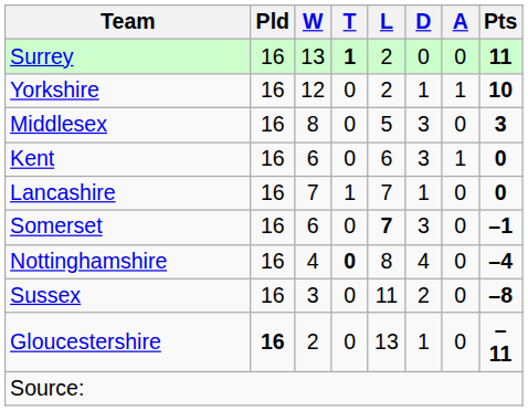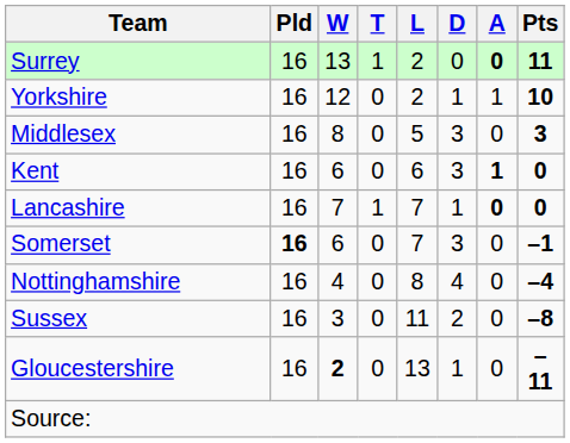 <table class="wikitable" style="text-align:center;">
 <tr>
 <th width=175>Team</th>
 <th width=20 abbr="Played">Pld</th>
 <th width=20 abbr="Won"><a href='#'>W</a></th>
 <th width=20 abbr="Tied"><a href='#'>T</a></th>
 <th width=20 abbr="Lost"><a href='#'>L</a></th>
 <th width=20 abbr="Drawn"><a href='#'>D</a></th>
 <th width=20 abbr="Abandoned"><a href='#'>A</a></th>
 <th width=20 abbr="Points">Pts</th>
 </tr>
 <tr style="background:#ccffcc;">
 <td style="text-align:left;"><a href='#'>Surrey</a></td>
 <td>16</td>
 <td>13</td>
-<td><strong>1</strong></td>
+<td>1</td>
 <td>2</td>
 <td>0</td>
-<td>0</td>
+<td><strong>0</strong></td>
 <td><strong>11</strong></td>
 </tr>
 <tr style="background:#f9f9f9;">
 <td style="text-align:left;"><a href='#'>Yorkshire</a></td>
 <td>16</td>
 <td>12</td>
 <td>0</td>
 <td>2</td>
 <td>1</td>
 <td>1</td>
 <td><strong>10</strong></td>
 </tr>
 <tr style="background:#f9f9f9;">
 <td style="text-align:left;"><a href='#'>Middlesex</a></td>
 <td>16</td>
 <td>8</td>
 <td>0</td>
 <td>5</td>
 <td>3</td>
 <td>0</td>
 <td><strong>3</strong></td>
 </tr>
 <tr style="background:#f9f9f9;">
 <td style="text-align:left;"><a href='#'>Kent</a></td>
 <td>16</td>
 <td>6</td>
 <td>0</td>
 <td>6</td>
 <td>3</td>
-<td>1</td>
+<td><strong>1</strong></td>
 <td><strong>0</strong></td>
 </tr>
 <tr style="background:#f9f9f9;">
 <td style="text-align:left;"><a href='#'>Lancashire</a></td>
 <td>16</td>
 <td>7</td>
 <td>1</td>
 <td>7</td>
 <td>1</td>
-<td>0</td>
+<td><strong>0</strong></td>
 <td><strong>0</strong></td>
 </tr>
 <tr style="background:#f9f9f9;">
 <td style="text-align:left;"><a href='#'>Somerset</a></td>
-<td>16</td>
+<td><strong>16</strong></td>
 <td>6</td>
 <td>0</td>
-<td><strong>7</strong></td>
+<td>7</td>
 <td>3</td>
 <td>0</td>
 <td><strong>–1</strong></td>
 </tr>
 <tr style="background:#f9f9f9;">
 <td style="text-align:left;"><a href='#'>Nottinghamshire</a></td>
 <td>16</td>
 <td>4</td>
-<td><strong>0</strong></td>
+<td>0</td>
 <td>8</td>
 <td>4</td>
 <td>0</td>
 <td><strong>–4</strong></td>
 </tr>
 <tr style="background:#f9f9f9;">
 <td style="text-align:left;"><a href='#'>Sussex</a></td>
 <td>16</td>
 <td>3</td>
 <td>0</td>
 <td>11</td>
 <td>2</td>
 <td>0</td>
 <td><strong>–8</strong></td>
 </tr>
 <tr style="background:#f9f9f9;">
 <td style="text-align:left;"><a href='#'>Gloucestershire</a></td>
-<td><strong>16</strong></td>
-<td>2</td>
+<td>16</td>
+<td><strong>2</strong></td>
 <td>0</td>
 <td>13</td>
 <td>1</td>
 <td>0</td>
 <td><strong>–11</strong></td>
 </tr>
 <tr>
 <td colspan=8 align="left">Source:</td>
 </tr>
 </table>
